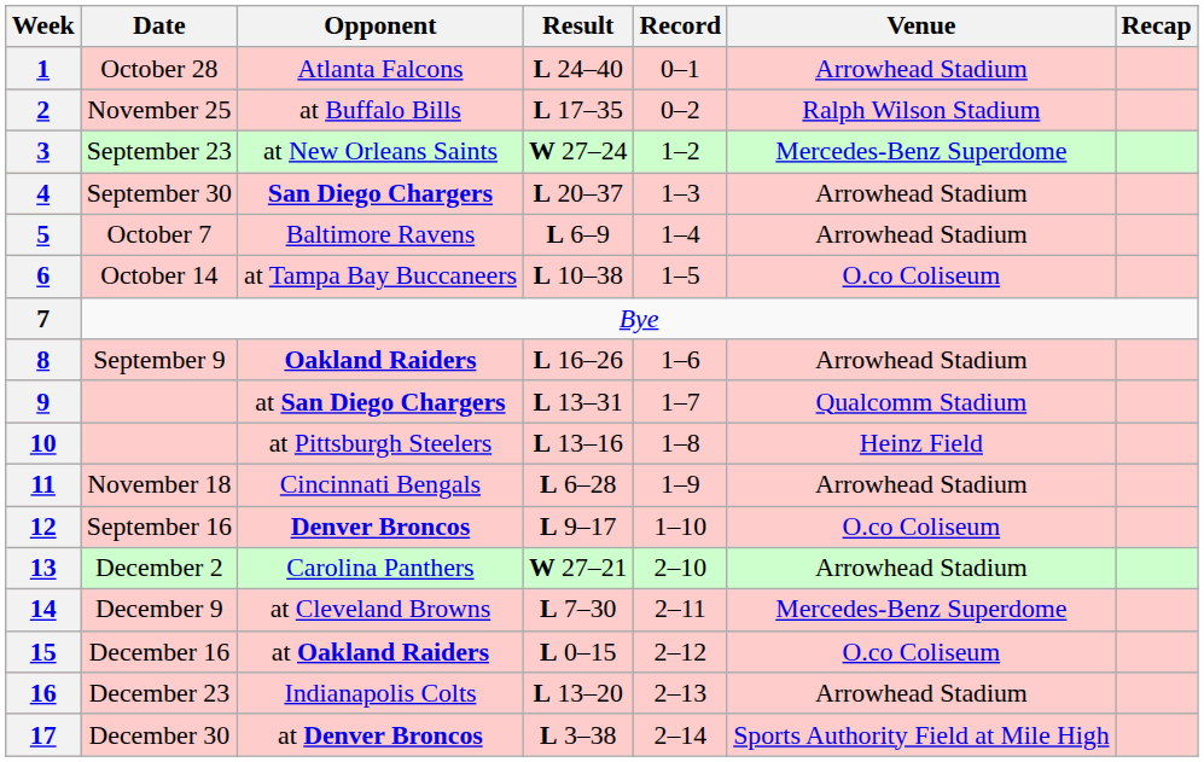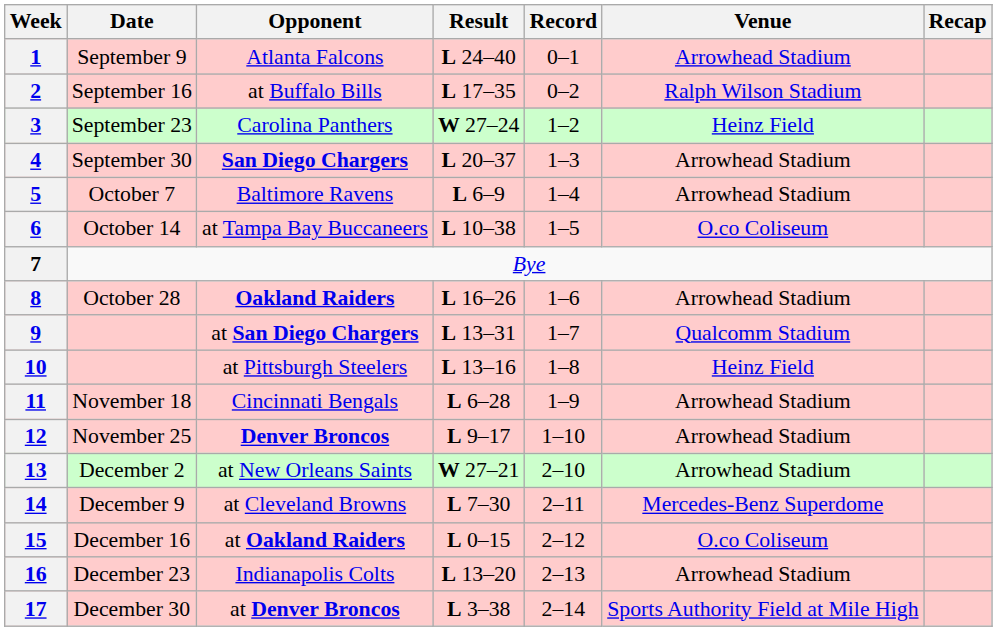 <table class="wikitable" style="text-align:center">
 <tr>
 <th>Week</th>
 <th>Date</th>
 <th>Opponent</th>
 <th>Result</th>
 <th>Record</th>
 <th>Venue</th>
 <th>Recap</th>
 </tr>
 <tr style="background:#fcc">
 <th><a href='#'>1</a></th>
-<td>October 28</td>
+<td>September 9</td>
 <td><a href='#'>Atlanta Falcons</a></td>
 <td><strong>L</strong> 24–40</td>
 <td>0–1</td>
 <td><a href='#'>Arrowhead Stadium</a></td>
 <td></td>
 </tr>
 <tr style="background:#fcc">
 <th><a href='#'>2</a></th>
-<td>November 25</td>
+<td>September 16</td>
 <td>at <a href='#'>Buffalo Bills</a></td>
 <td><strong>L</strong> 17–35</td>
 <td>0–2</td>
 <td><a href='#'>Ralph Wilson Stadium</a></td>
 <td></td>
 </tr>
 <tr style="background:#cfc">
 <th><a href='#'>3</a></th>
 <td>September 23</td>
-<td>at <a href='#'>New Orleans Saints</a></td>
+<td><a href='#'>Carolina Panthers</a></td>
 <td><strong>W</strong> 27–24 </td>
 <td>1–2</td>
-<td><a href='#'>Mercedes-Benz Superdome</a></td>
+<td><a href='#'>Heinz Field</a></td>
 <td></td>
 </tr>
 <tr style="background:#fcc">
 <th><a href='#'>4</a></th>
 <td>September 30</td>
 <td><strong><a href='#'>San Diego Chargers</a></strong></td>
 <td><strong>L</strong> 20–37</td>
 <td>1–3</td>
 <td>Arrowhead Stadium</td>
 <td></td>
 </tr>
 <tr style="background:#fcc">
 <th><a href='#'>5</a></th>
 <td>October 7</td>
 <td><a href='#'>Baltimore Ravens</a></td>
 <td><strong>L</strong> 6–9</td>
 <td>1–4</td>
 <td>Arrowhead Stadium</td>
 <td></td>
 </tr>
 <tr style="background:#fcc">
 <th><a href='#'>6</a></th>
 <td>October 14</td>
 <td>at <a href='#'>Tampa Bay Buccaneers</a></td>
 <td><strong>L</strong> 10–38</td>
 <td>1–5</td>
 <td><a href='#'>O.co Coliseum</a></td>
 <td></td>
 </tr>
 <tr>
 <th>7</th>
 <td colspan="6"><em><a href='#'>Bye</a></em></td>
 </tr>
 <tr style="background:#fcc">
 <th><a href='#'>8</a></th>
-<td>September 9</td>
+<td>October 28</td>
 <td><strong><a href='#'>Oakland Raiders</a></strong></td>
 <td><strong>L</strong> 16–26</td>
 <td>1–6</td>
 <td>Arrowhead Stadium</td>
 <td></td>
 </tr>
 <tr style="background:#fcc">
 <th><a href='#'>9</a></th>
 <td></td>
 <td>at <strong><a href='#'>San Diego Chargers</a></strong></td>
 <td><strong>L</strong> 13–31</td>
 <td>1–7</td>
 <td><a href='#'>Qualcomm Stadium</a></td>
 <td></td>
 </tr>
 <tr style="background:#fcc">
 <th><a href='#'>10</a></th>
 <td></td>
 <td>at <a href='#'>Pittsburgh Steelers</a></td>
 <td><strong>L</strong> 13–16 </td>
 <td>1–8</td>
 <td><a href='#'>Heinz Field</a></td>
 <td></td>
 </tr>
 <tr style="background:#fcc">
 <th><a href='#'>11</a></th>
 <td>November 18</td>
 <td><a href='#'>Cincinnati Bengals</a></td>
 <td><strong>L</strong> 6–28</td>
 <td>1–9</td>
 <td>Arrowhead Stadium</td>
 <td></td>
 </tr>
 <tr style="background:#fcc">
 <th><a href='#'>12</a></th>
-<td>September 16</td>
+<td>November 25</td>
 <td><strong><a href='#'>Denver Broncos</a></strong></td>
 <td><strong>L</strong> 9–17</td>
 <td>1–10</td>
-<td><a href='#'>O.co Coliseum</a></td>
+<td>Arrowhead Stadium</td>
 <td></td>
 </tr>
 <tr style="background:#cfc">
 <th><a href='#'>13</a></th>
 <td>December 2</td>
-<td><a href='#'>Carolina Panthers</a></td>
+<td>at <a href='#'>New Orleans Saints</a></td>
 <td><strong>W</strong> 27–21</td>
 <td>2–10</td>
 <td>Arrowhead Stadium</td>
 <td></td>
 </tr>
 <tr style="background:#fcc">
 <th><a href='#'>14</a></th>
 <td>December 9</td>
 <td>at <a href='#'>Cleveland Browns</a></td>
 <td><strong>L</strong> 7–30</td>
 <td>2–11</td>
 <td><a href='#'>Mercedes-Benz Superdome</a></td>
 <td></td>
 </tr>
 <tr style="background:#fcc">
 <th><a href='#'>15</a></th>
 <td>December 16</td>
 <td>at <strong><a href='#'>Oakland Raiders</a></strong></td>
 <td><strong>L</strong> 0–15</td>
 <td>2–12</td>
 <td><a href='#'>O.co Coliseum</a></td>
 <td></td>
 </tr>
 <tr style="background:#fcc">
 <th><a href='#'>16</a></th>
 <td>December 23</td>
 <td><a href='#'>Indianapolis Colts</a></td>
 <td><strong>L</strong> 13–20</td>
 <td>2–13</td>
 <td>Arrowhead Stadium</td>
 <td></td>
 </tr>
 <tr style="background:#fcc">
 <th><a href='#'>17</a></th>
 <td>December 30</td>
 <td>at <strong><a href='#'>Denver Broncos</a></strong></td>
 <td><strong>L</strong> 3–38</td>
 <td>2–14</td>
 <td><a href='#'>Sports Authority Field at Mile High</a></td>
 <td></td>
 </tr>
 </table>
